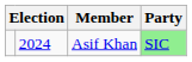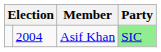 <table class="wikitable">
 <tr>
 <th colspan="2">Election</th>
 <th>Member</th>
 <th>Party</th>
 </tr>
 <tr>
 <td style="background-color: "></td>
-<td><a href='#'>2024</a></td>
+<td><a href='#'>2004</a></td>
 <td><a href='#'>Asif Khan</a></td>
 <td style="background: lightgreen;"><a href='#'>SIC</a></td>
 </tr>
 </table>
